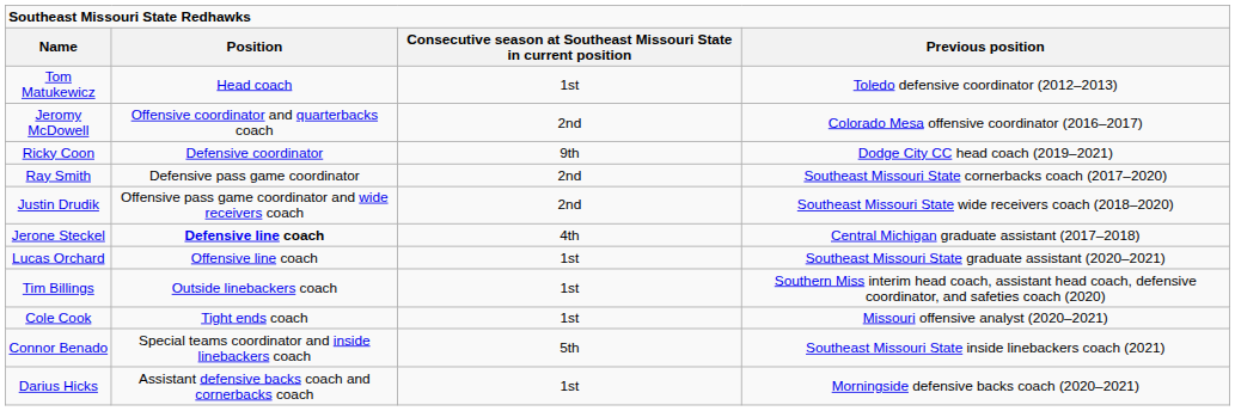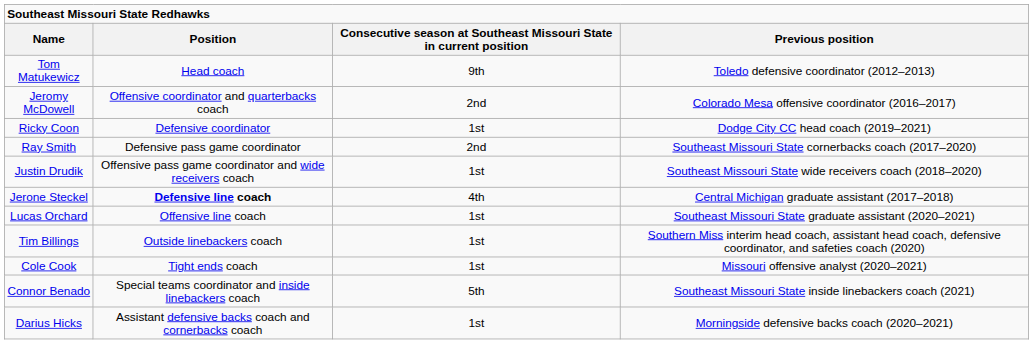 <table class="wikitable" style="font-size:90%;">
 <tr>
 <td colspan=5><strong>Southeast Missouri State Redhawks</strong></td>
 </tr>
 <tr align="center";>
 <th>Name</th>
 <th>Position</th>
 <th>Consecutive season at Southeast Missouri State in current position</th>
 <th>Previous position</th>
 </tr>
 <tr align="center";>
 <td><a href='#'>Tom Matukewicz</a></td>
 <td><a href='#'>Head coach</a></td>
-<td>1st</td>
+<td>9th</td>
 <td><a href='#'>Toledo</a> defensive coordinator (2012–2013)</td>
 </tr>
 <tr align="center" ;>
 <td><a href='#'>Jeromy McDowell</a></td>
 <td><a href='#'>Offensive coordinator</a> and <a href='#'>quarterbacks</a> coach</td>
 <td>2nd</td>
 <td><a href='#'>Colorado Mesa</a> offensive coordinator (2016–2017)</td>
 </tr>
 <tr align="center" ;>
 <td><a href='#'>Ricky Coon</a></td>
 <td><a href='#'>Defensive coordinator</a></td>
-<td>9th</td>
+<td>1st</td>
 <td><a href='#'>Dodge City CC</a> head coach (2019–2021)</td>
 </tr>
 <tr align="center" ;>
 <td><a href='#'>Ray Smith</a></td>
 <td>Defensive pass game coordinator</td>
 <td>2nd</td>
 <td><a href='#'>Southeast Missouri State</a> cornerbacks coach (2017–2020)</td>
 </tr>
 <tr align="center" ;>
 <td><a href='#'>Justin Drudik</a></td>
 <td>Offensive pass game coordinator and <a href='#'>wide receivers</a> coach</td>
-<td>2nd</td>
+<td>1st</td>
 <td><a href='#'>Southeast Missouri State</a> wide receivers coach (2018–2020)</td>
 </tr>
 <tr align="center" ;>
 <td><a href='#'>Jerone Steckel</a></td>
 <td><strong><a href='#'>Defensive line</a> coach</strong></td>
 <td>4th</td>
 <td><a href='#'>Central Michigan</a> graduate assistant (2017–2018)</td>
 </tr>
 <tr align="center" ;>
 <td><a href='#'>Lucas Orchard</a></td>
 <td><a href='#'>Offensive line</a> coach</td>
 <td>1st</td>
 <td><a href='#'>Southeast Missouri State</a> graduate assistant (2020–2021)</td>
 </tr>
 <tr align="center" ;>
 <td><a href='#'>Tim Billings</a></td>
 <td><a href='#'>Outside linebackers</a> coach</td>
 <td>1st</td>
 <td><a href='#'>Southern Miss</a> interim head coach, assistant head coach, defensive coordinator, and safeties coach (2020)</td>
 </tr>
 <tr align="center" ;>
 <td><a href='#'>Cole Cook</a></td>
 <td><a href='#'>Tight ends</a> coach</td>
 <td>1st</td>
 <td><a href='#'>Missouri</a> offensive analyst (2020–2021)</td>
 </tr>
 <tr align="center" ;>
 <td><a href='#'>Connor Benado</a></td>
 <td>Special teams coordinator and <a href='#'>inside linebackers</a> coach</td>
 <td>5th</td>
 <td><a href='#'>Southeast Missouri State</a> inside linebackers coach (2021)</td>
 </tr>
 <tr align="center" ;>
 <td><a href='#'>Darius Hicks</a></td>
 <td>Assistant <a href='#'>defensive backs</a> coach and <a href='#'>cornerbacks</a> coach</td>
 <td>1st</td>
 <td><a href='#'>Morningside</a> defensive backs coach (2020–2021)</td>
 </tr>
 </table>
